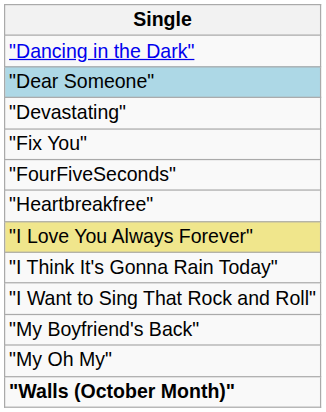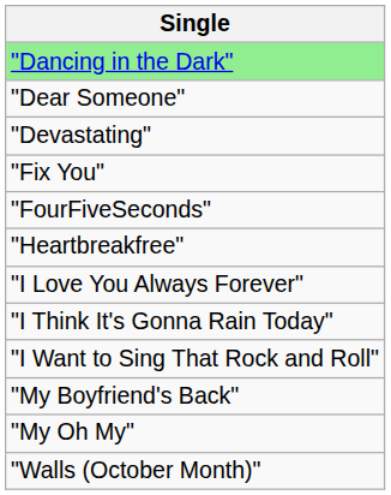 <table class="wikitable">
 <tr>
 <th>Single</th>
 </tr>
 <tr>
-<td><a href='#'>"Dancing in the Dark"</a></td>
+<td style="background: lightgreen;"><a href='#'>"Dancing in the Dark"</a></td>
 </tr>
 <tr>
-<td style="background: lightblue;">"Dear Someone"</td>
+<td>"Dear Someone"</td>
 </tr>
 <tr>
 <td>"Devastating"</td>
 </tr>
 <tr>
 <td>"Fix You"</td>
 </tr>
 <tr>
 <td>"FourFiveSeconds"</td>
 </tr>
 <tr>
 <td>"Heartbreakfree"</td>
 </tr>
 <tr>
-<td style="background: khaki;">"I Love You Always Forever"</td>
+<td>"I Love You Always Forever"</td>
 </tr>
 <tr>
 <td>"I Think It's Gonna Rain Today"</td>
 </tr>
 <tr>
 <td>"I Want to Sing That Rock and Roll"</td>
 </tr>
 <tr>
 <td>"My Boyfriend's Back"</td>
 </tr>
 <tr>
 <td>"My Oh My"</td>
 </tr>
 <tr>
-<td><strong>"Walls (October Month)"</strong></td>
+<td>"Walls (October Month)"</td>
 </tr>
 </table>
